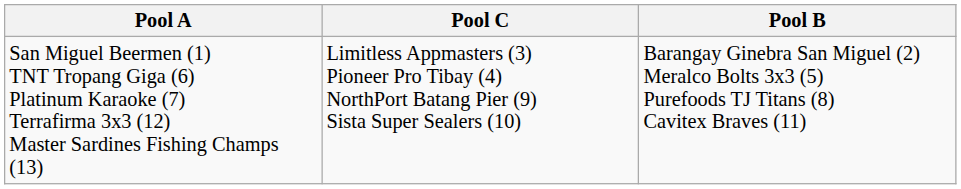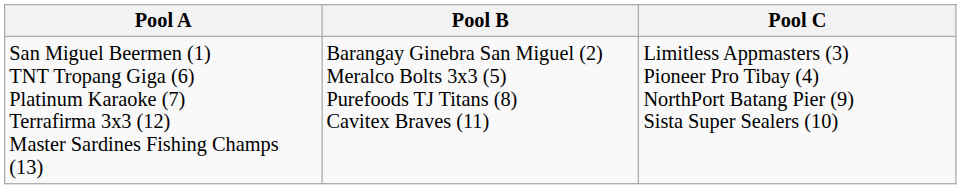 <table class=wikitable width=750>
 <tr>
 <th width=33%>Pool A</th>
+<th width=33%>Pool B</th>
 <th width=33%>Pool C</th>
-<th width=33%>Pool B</th>
 </tr>
 <tr valign=top>
 <td>San Miguel Beermen (1) <br> TNT Tropang Giga (6) <br> Platinum Karaoke (7) <br> Terrafirma 3x3 (12) <br> Master Sardines Fishing Champs (13)</td>
+<td>Barangay Ginebra San Miguel (2) <br> Meralco Bolts 3x3 (5) <br> Purefoods TJ Titans (8) <br> Cavitex Braves (11)</td>
 <td>Limitless Appmasters (3) <br> Pioneer Pro Tibay (4) <br> NorthPort Batang Pier (9) <br> Sista Super Sealers (10)</td>
-<td>Barangay Ginebra San Miguel (2) <br> Meralco Bolts 3x3 (5) <br> Purefoods TJ Titans (8) <br> Cavitex Braves (11)</td>
 </tr>
 </table>
